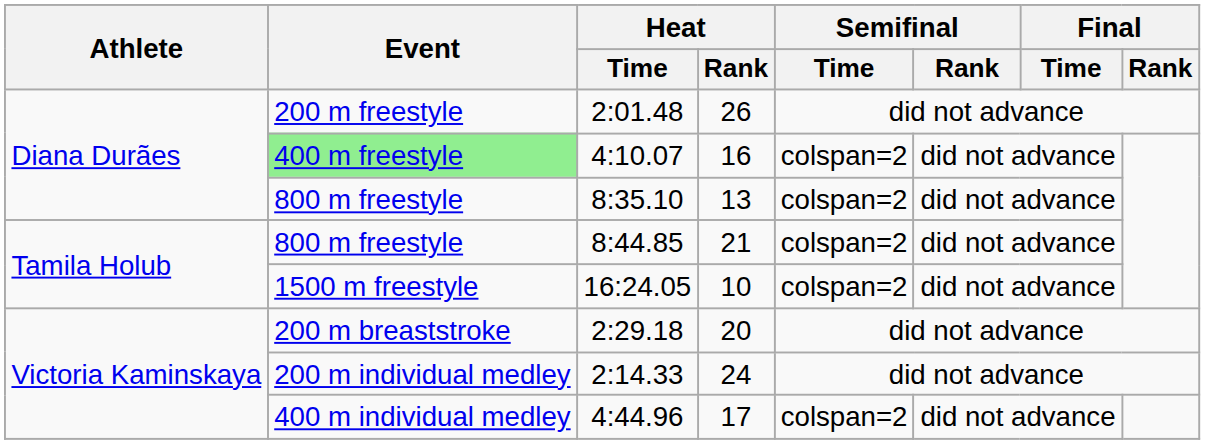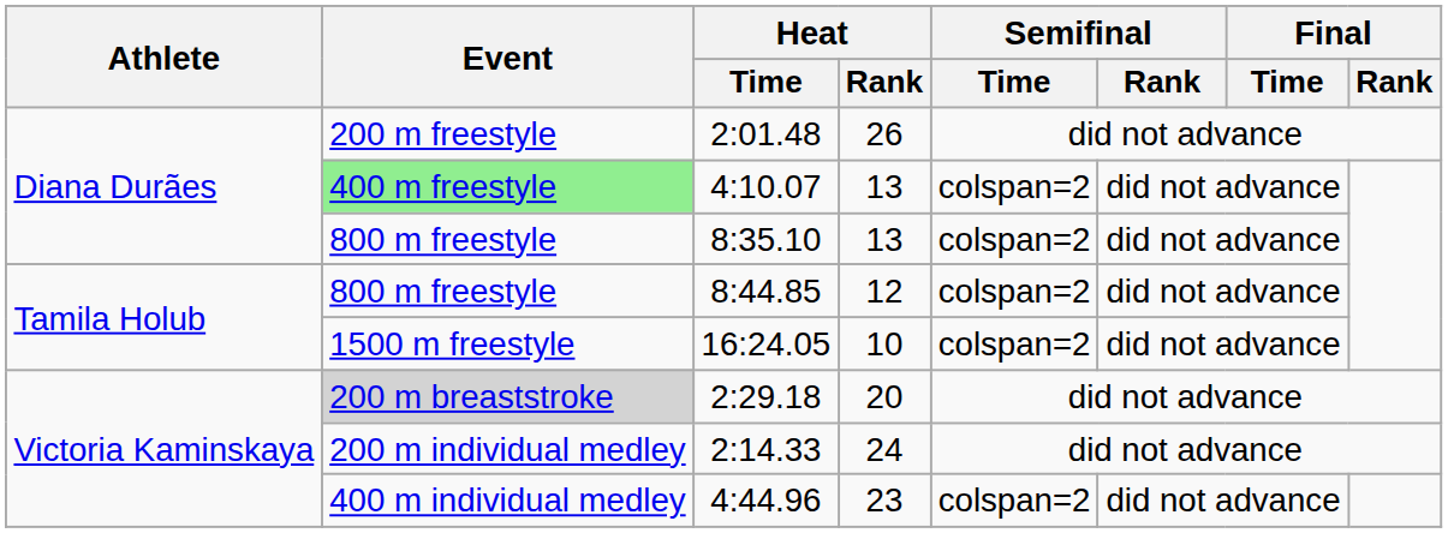 <table class=wikitable style="font-size:90%">
 <tr>
 <th rowspan="2">Athlete</th>
 <th rowspan="2">Event</th>
 <th colspan="2">Heat</th>
 <th colspan="2">Semifinal</th>
 <th colspan="2">Final</th>
 </tr>
 <tr style="font-size:95%">
 <th>Time</th>
 <th>Rank</th>
 <th>Time</th>
 <th>Rank</th>
 <th>Time</th>
 <th>Rank</th>
 </tr>
 <tr align=center>
 <td align=left rowspan=3><a href='#'>Diana Durães</a></td>
 <td align=left><a href='#'>200 m freestyle</a></td>
 <td>2:01.48</td>
 <td>26</td>
 <td colspan=4>did not advance</td>
 </tr>
 <tr align=center>
 <td align=left style="background: lightgreen;"><a href='#'>400 m freestyle</a></td>
 <td>4:10.07</td>
-<td>16</td>
+<td>13</td>
 <td>colspan=2 </td>
 <td colspan=2>did not advance</td>
 </tr>
 <tr align=center>
 <td align=left><a href='#'>800 m freestyle</a></td>
 <td>8:35.10</td>
 <td>13</td>
 <td>colspan=2 </td>
 <td colspan=2>did not advance</td>
 </tr>
 <tr align=center>
 <td align=left rowspan=2><a href='#'>Tamila Holub</a></td>
 <td align=left><a href='#'>800 m freestyle</a></td>
 <td>8:44.85</td>
-<td>21</td>
+<td>12</td>
 <td>colspan=2 </td>
 <td colspan=2>did not advance</td>
 </tr>
 <tr align=center>
 <td align=left><a href='#'>1500 m freestyle</a></td>
 <td>16:24.05</td>
 <td>10</td>
 <td>colspan=2 </td>
 <td colspan=2>did not advance</td>
 </tr>
 <tr align=center>
 <td align=left rowspan=3><a href='#'>Victoria Kaminskaya</a></td>
-<td align=left><a href='#'>200 m breaststroke</a></td>
+<td align=left style="background: lightgrey;"><a href='#'>200 m breaststroke</a></td>
 <td>2:29.18</td>
 <td>20</td>
 <td colspan=4>did not advance</td>
 </tr>
 <tr align=center>
 <td align=left><a href='#'>200 m individual medley</a></td>
 <td>2:14.33</td>
 <td>24</td>
 <td colspan=4>did not advance</td>
 </tr>
 <tr align=center>
 <td align=left><a href='#'>400 m individual medley</a></td>
 <td>4:44.96</td>
-<td>17</td>
+<td>23</td>
 <td>colspan=2 </td>
 <td colspan=2>did not advance</td>
 </tr>
 </table>
